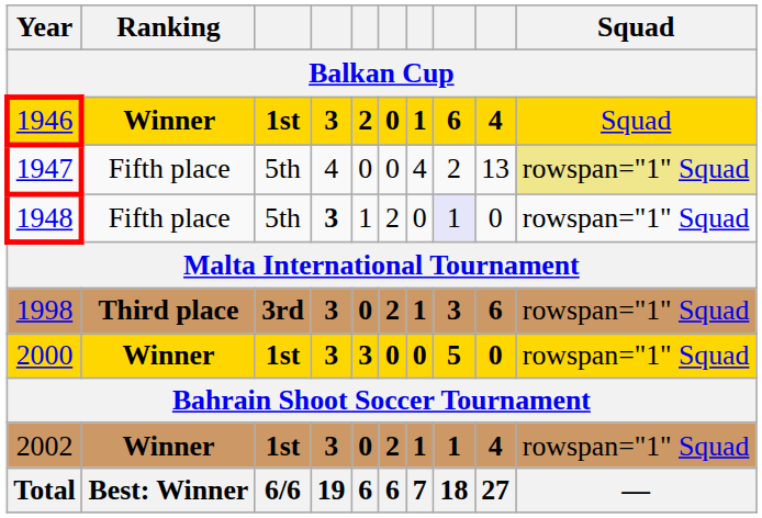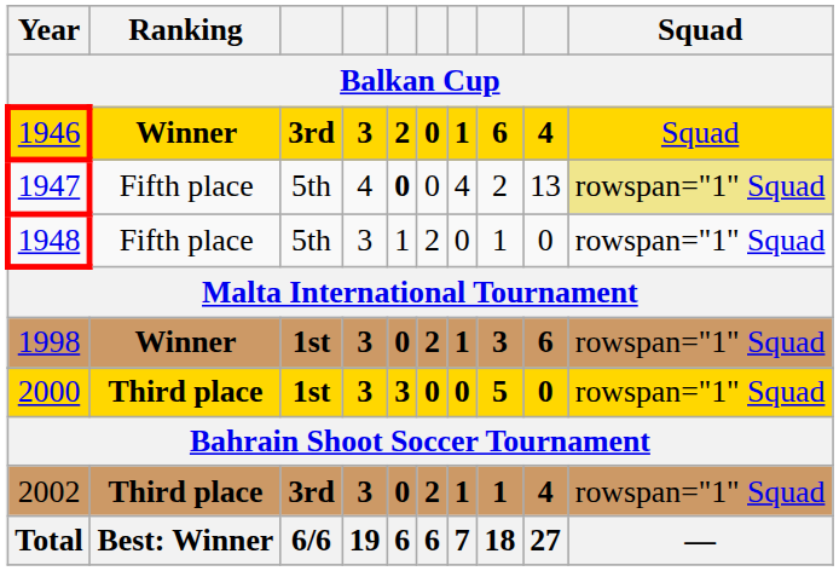 <table class="wikitable" style="text-align:center">
 <tr>
 <th>Year</th>
 <th>Ranking</th>
 <th></th>
 <th></th>
 <th></th>
 <th></th>
 <th></th>
 <th></th>
 <th></th>
 <th>Squad</th>
 </tr>
 <tr>
 <th colspan="10"><a href='#'>Balkan Cup</a></th>
 </tr>
 <tr bgcolor=gold>
 <td style="border: 3px solid red"> <a href='#'>1946</a></td>
 <td><strong>Winner</strong></td>
-<td><strong>1st</strong></td>
+<td><strong>3rd</strong></td>
 <td><strong>3</strong></td>
 <td><strong>2</strong></td>
 <td><strong>0</strong></td>
 <td><strong>1</strong></td>
 <td><strong>6</strong></td>
 <td><strong>4</strong></td>
 <td><a href='#'>Squad</a></td>
 </tr>
 <tr>
 <td style="border: 3px solid red"><a href='#'>1947</a></td>
 <td>Fifth place</td>
 <td>5th</td>
 <td>4</td>
-<td>0</td>
+<td><strong>0</strong></td>
 <td>0</td>
 <td>4</td>
 <td>2</td>
 <td>13</td>
 <td style="background: khaki;">rowspan="1"  <a href='#'>Squad</a></td>
 </tr>
 <tr>
 <td style="border: 3px solid red"><a href='#'>1948</a></td>
 <td>Fifth place</td>
 <td>5th</td>
-<td><strong>3</strong></td>
+<td>3</td>
 <td>1</td>
 <td>2</td>
 <td>0</td>
-<td style="background: lavender;">1</td>
+<td>1</td>
 <td>0</td>
 <td>rowspan="1"  <a href='#'>Squad</a></td>
 </tr>
 <tr>
 <th colspan="10"> <a href='#'>Malta International Tournament</a></th>
 </tr>
 <tr bgcolor="#CC9966">
 <td><a href='#'>1998</a></td>
-<td><strong>Third place</strong></td>
-<td><strong>3rd</strong></td>
+<td><strong>Winner</strong></td>
+<td><strong>1st</strong></td>
 <td><strong>3</strong></td>
 <td><strong>0</strong></td>
 <td><strong>2</strong></td>
 <td><strong>1</strong></td>
 <td><strong>3</strong></td>
 <td><strong>6</strong></td>
 <td>rowspan="1"  <a href='#'>Squad</a></td>
 </tr>
 <tr>
 </tr>
 <tr bgcolor=gold>
 <td><a href='#'>2000</a></td>
-<td><strong>Winner</strong></td>
+<td><strong>Third place</strong></td>
 <td><strong>1st</strong></td>
 <td><strong>3</strong></td>
 <td><strong>3</strong></td>
 <td><strong>0</strong></td>
 <td><strong>0</strong></td>
 <td><strong>5</strong></td>
 <td><strong>0</strong></td>
 <td>rowspan="1"  <a href='#'>Squad</a></td>
 </tr>
 <tr>
 <th colspan="10"> <a href='#'>Bahrain Shoot Soccer Tournament</a></th>
 </tr>
 <tr bgcolor="#CC9966">
 <td>2002</td>
-<td><strong>Winner</strong></td>
-<td><strong>1st</strong></td>
+<td><strong>Third place</strong></td>
+<td><strong>3rd</strong></td>
 <td><strong>3</strong></td>
 <td><strong>0</strong></td>
 <td><strong>2</strong></td>
 <td><strong>1</strong></td>
 <td><strong>1</strong></td>
 <td><strong>4</strong></td>
 <td>rowspan="1"  <a href='#'>Squad</a></td>
 </tr>
 <tr>
 <th>Total</th>
 <th>Best: Winner</th>
 <th>6/6</th>
 <th>19</th>
 <th>6</th>
 <th>6</th>
 <th>7</th>
 <th>18</th>
 <th>27</th>
 <th>—</th>
 </tr>
 </table>
